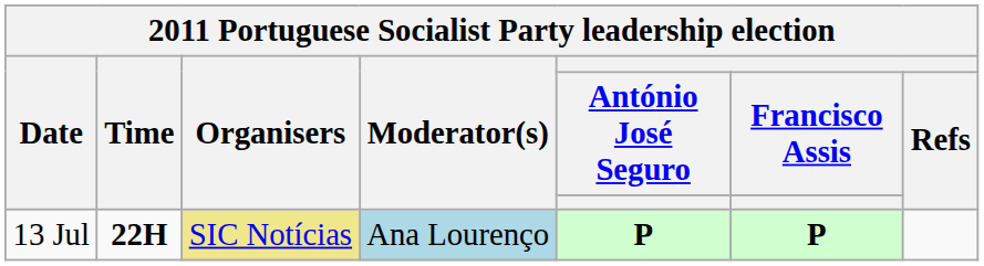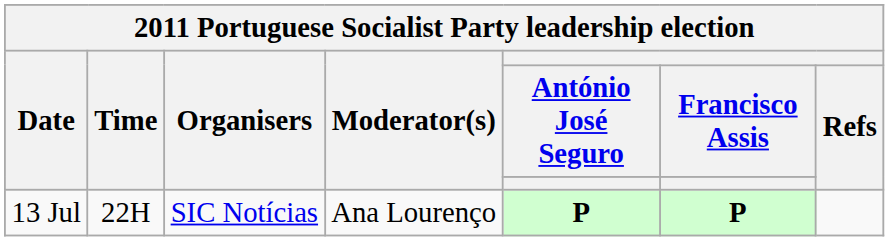 <table class="wikitable" style="font-size:98%; text-align:center;">
 <tr>
 <th colspan="18">2011 Portuguese Socialist Party leadership election</th>
 </tr>
 <tr>
 <th rowspan="3">Date</th>
 <th rowspan="3">Time</th>
 <th rowspan="3">Organisers</th>
 <th rowspan="3">Moderator(s)</th>
 <th colspan="15">      </th>
 </tr>
 <tr>
 <th scope="col" style="width:5em;"><a href='#'>António José Seguro</a></th>
 <th scope="col" style="width:5em;"><a href='#'>Francisco Assis</a></th>
 <th rowspan="2">Refs</th>
 </tr>
 <tr>
 <th style="color:inherit;background:"></th>
 <th style="color:inherit;background:"></th>
 </tr>
 <tr>
 <td style="white-space:nowrap; text-align:left;">13 Jul</td>
-<td><strong>22H</strong></td>
-<td style="background: khaki; white-space:nowrap; text-align:left;"><a href='#'>SIC Notícias</a></td>
-<td style="background: lightblue; white-space:nowrap; text-align:left;">Ana Lourenço</td>
+<td>22H</td>
+<td style="white-space:nowrap; text-align:left;"><a href='#'>SIC Notícias</a></td>
+<td style="white-space:nowrap; text-align:left;">Ana Lourenço</td>
 <td style="background:#D0FFD0;"><strong>P</strong></td>
 <td style="background:#D0FFD0;"><strong>P</strong></td>
 <td></td>
 </tr>
 </table>
